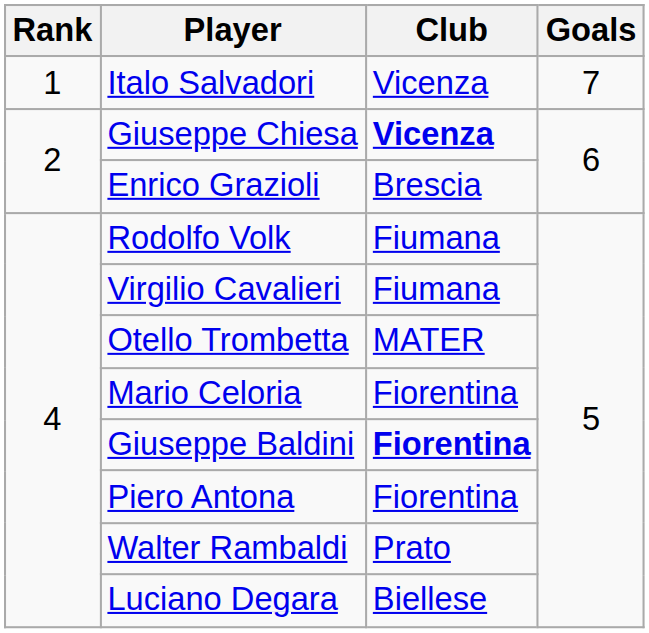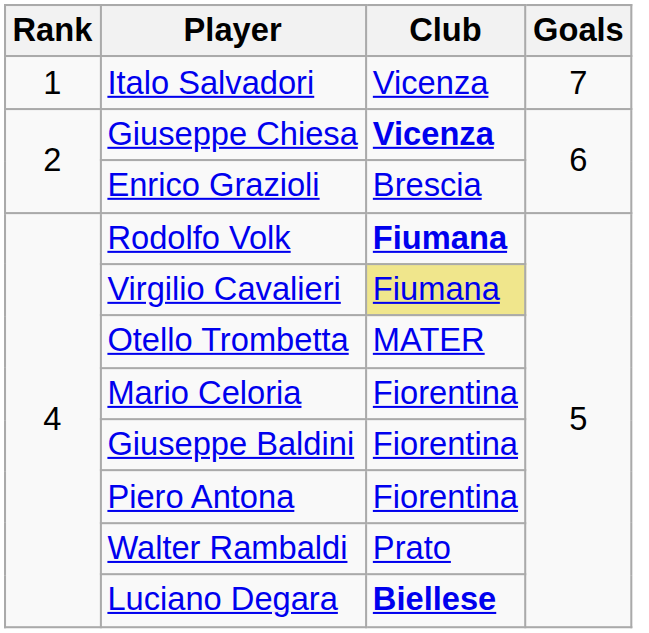 <table class="wikitable sortable" style="text-align:center">
 <tr>
 <th>Rank</th>
 <th>Player</th>
 <th>Club</th>
 <th>Goals</th>
 </tr>
 <tr>
 <td>1</td>
 <td align="left"><strong></strong> <a href='#'>Italo Salvadori</a></td>
 <td align="left"><a href='#'>Vicenza</a></td>
 <td>7</td>
 </tr>
 <tr>
 <td rowspan="2">2</td>
 <td align="left"><strong></strong> <a href='#'>Giuseppe Chiesa</a></td>
 <td align="left"><strong><a href='#'>Vicenza</a></strong></td>
 <td rowspan="2">6</td>
 </tr>
 <tr>
 <td align="left"><strong></strong> <a href='#'>Enrico Grazioli</a></td>
 <td align="left"><a href='#'>Brescia</a></td>
 </tr>
 <tr>
 <td rowspan="8">4</td>
 <td align="left"><strong></strong> <a href='#'>Rodolfo Volk</a></td>
-<td align="left"><a href='#'>Fiumana</a></td>
+<td align="left"><strong><a href='#'>Fiumana</a></strong></td>
 <td rowspan="8">5</td>
 </tr>
 <tr>
 <td align="left"><strong></strong> <a href='#'>Virgilio Cavalieri</a></td>
-<td align="left"><a href='#'>Fiumana</a></td>
+<td align="left" style="background: khaki;"><a href='#'>Fiumana</a></td>
 </tr>
 <tr>
 <td align="left"><strong></strong> <a href='#'>Otello Trombetta</a></td>
 <td align="left"><a href='#'>MATER</a></td>
 </tr>
 <tr>
 <td align="left"><strong></strong> <a href='#'>Mario Celoria</a></td>
 <td align="left"><a href='#'>Fiorentina</a></td>
 </tr>
 <tr>
 <td align="left"><strong></strong> <a href='#'>Giuseppe Baldini</a></td>
-<td align="left"><strong><a href='#'>Fiorentina</a></strong></td>
+<td align="left"><a href='#'>Fiorentina</a></td>
 </tr>
 <tr>
 <td align="left"><strong></strong> <a href='#'>Piero Antona</a></td>
 <td align="left"><a href='#'>Fiorentina</a></td>
 </tr>
 <tr>
 <td align="left"><strong></strong> <a href='#'>Walter Rambaldi</a></td>
 <td align="left"><a href='#'>Prato</a></td>
 </tr>
 <tr>
 <td align="left"><strong></strong> <a href='#'>Luciano Degara</a></td>
-<td align="left"><a href='#'>Biellese</a></td>
+<td align="left"><strong><a href='#'>Biellese</a></strong></td>
 </tr>
 </table>
